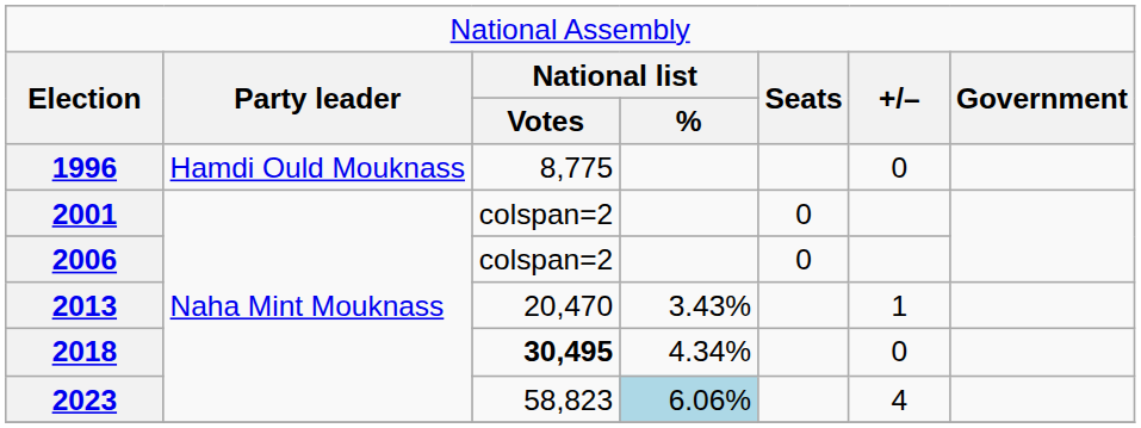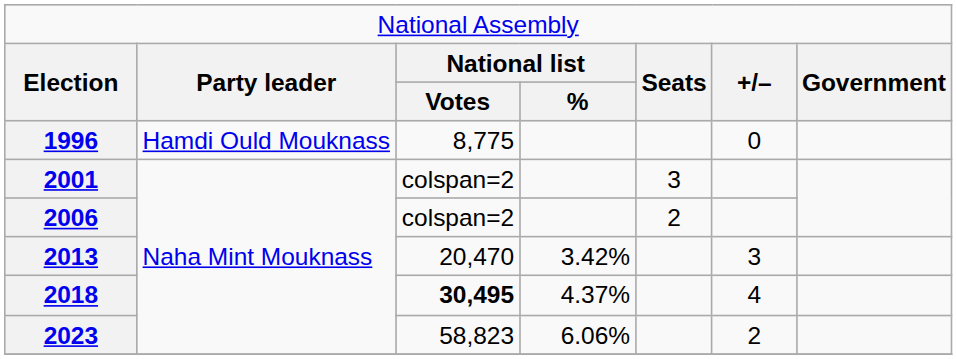 <table class="wikitable" style="text-align:right;font-size:95%;">
 <tr>
 <td colspan="7" align="center"><a href='#'>National Assembly</a></td>
 </tr>
 <tr>
 <th rowspan="2" width="75">Election</th>
 <th rowspan="2">Party leader</th>
 <th colspan="2">National list</th>
 <th rowspan="2">Seats</th>
 <th rowspan="2" width="45">+/–</th>
 <th rowspan="2">Government</th>
 </tr>
 <tr>
 <th width="70">Votes</th>
 <th width="65">%</th>
 </tr>
 <tr>
 <th><a href='#'>1996</a></th>
 <td align="left"><a href='#'>Hamdi Ould Mouknass</a></td>
 <td>8,775</td>
 <td></td>
 <td></td>
 <td style="text-align:center;"> 0</td>
 <td></td>
 </tr>
 <tr>
 <th><a href='#'>2001</a></th>
 <td rowspan="5" align="left"><a href='#'>Naha Mint Mouknass</a></td>
 <td>colspan=2 </td>
 <td></td>
-<td style="text-align:center;"> 0</td>
+<td style="text-align:center;"> 3</td>
 <td></td>
 </tr>
 <tr>
 <th><a href='#'>2006</a></th>
 <td>colspan=2 </td>
 <td></td>
-<td style="text-align:center;"> 0</td>
+<td style="text-align:center;"> 2</td>
 <td></td>
 </tr>
 <tr>
 <th><a href='#'>2013</a></th>
 <td>20,470</td>
-<td>3.43%</td>
+<td>3.42%</td>
 <td></td>
-<td style="text-align:center;"> 1</td>
+<td style="text-align:center;"> 3</td>
 <td></td>
 </tr>
 <tr>
 <th><a href='#'>2018</a></th>
 <td><strong>30,495</strong></td>
-<td>4.34%</td>
+<td>4.37%</td>
 <td></td>
-<td style="text-align:center;"> 0</td>
+<td style="text-align:center;"> 4</td>
 <td></td>
 </tr>
 <tr>
 <th><a href='#'>2023</a></th>
 <td>58,823</td>
-<td style="background: lightblue;">6.06%</td>
+<td>6.06%</td>
 <td></td>
-<td style="text-align:center;"> 4</td>
+<td style="text-align:center;"> 2</td>
 <td></td>
 </tr>
 <tr>
 </tr>
 </table>
